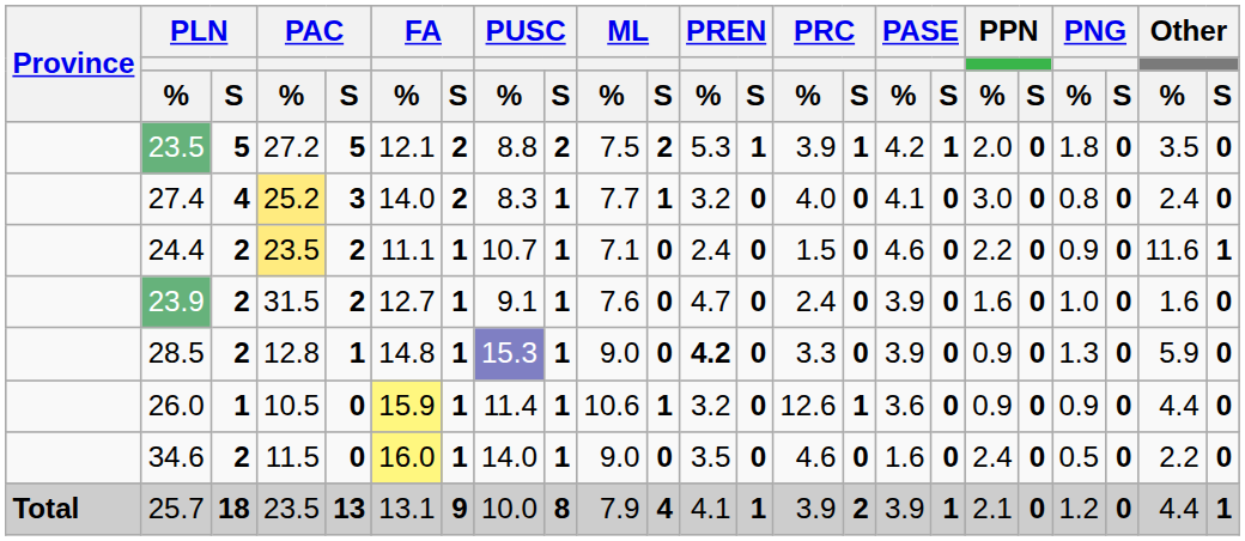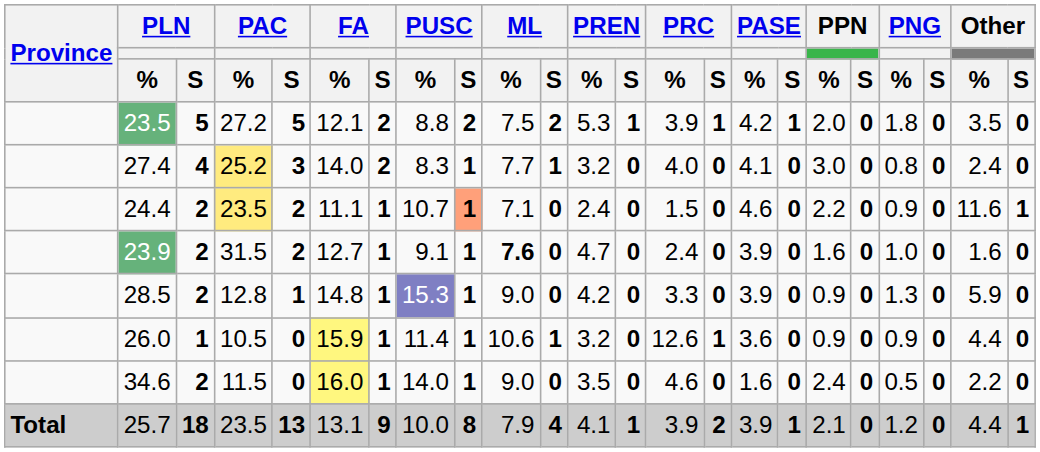 <table class="wikitable sortable" style="text-align:right; font-size:95%; line-height:20px;">
 <tr>
 <th rowspan="3"><a href='#'>Province</a></th>
 <th colspan="2" width="30px"><a href='#'>PLN</a></th>
 <th colspan="2" width="30px"><a href='#'>PAC</a></th>
 <th colspan="2" width="30px"><a href='#'>FA</a></th>
 <th colspan="2" width="30px"><a href='#'>PUSC</a></th>
 <th colspan="2" width="30px"><a href='#'>ML</a></th>
 <th colspan="2" width="30px"><a href='#'>PREN</a></th>
 <th colspan="2" width="30px"><a href='#'>PRC</a></th>
 <th colspan="2" width="30px"><a href='#'>PASE</a></th>
 <th colspan="2" width="30px">PPN</th>
 <th colspan="2" width="30px"><a href='#'>PNG</a></th>
 <th colspan="2" width="30px">Other</th>
 </tr>
 <tr>
 <th colspan="2" style="background:"></th>
 <th colspan="2" style="background:"></th>
 <th colspan="2" style="background:"></th>
 <th colspan="2" style="background:"></th>
 <th colspan="2" style="background:"></th>
 <th colspan="2" style="background:"></th>
 <th colspan="2" style="background:"></th>
 <th colspan="2" style="background:"></th>
 <th colspan="2" style="background:#39b54a"></th>
 <th colspan="2" style="background:"></th>
 <th colspan="2" style="background:#7a7a7a"></th>
 </tr>
 <tr>
 <th data-sort-type="number">%</th>
 <th data-sort-type="number">S</th>
 <th data-sort-type="number">%</th>
 <th data-sort-type="number">S</th>
 <th data-sort-type="number">%</th>
 <th data-sort-type="number">S</th>
 <th data-sort-type="number">%</th>
 <th data-sort-type="number">S</th>
 <th data-sort-type="number">%</th>
 <th data-sort-type="number">S</th>
 <th data-sort-type="number">%</th>
 <th data-sort-type="number">S</th>
 <th data-sort-type="number">%</th>
 <th data-sort-type="number">S</th>
 <th data-sort-type="number">%</th>
 <th data-sort-type="number">S</th>
 <th data-sort-type="number">%</th>
 <th data-sort-type="number">S</th>
 <th data-sort-type="number">%</th>
 <th data-sort-type="number">S</th>
 <th data-sort-type="number">%</th>
 <th data-sort-type="number">S</th>
 </tr>
 <tr>
 <td align="left"></td>
 <td style="background:#66B27B; color:white;">23.5</td>
 <td><strong>5</strong></td>
 <td style="background:">27.2</td>
 <td><strong>5</strong></td>
 <td>12.1</td>
 <td><strong>2</strong></td>
 <td>8.8</td>
 <td><strong>2</strong></td>
 <td>7.5</td>
 <td><strong>2</strong></td>
 <td>5.3</td>
 <td><strong>1</strong></td>
 <td>3.9</td>
 <td><strong>1</strong></td>
 <td>4.2</td>
 <td><strong>1</strong></td>
 <td>2.0</td>
 <td><strong>0</strong></td>
 <td>1.8</td>
 <td><strong>0</strong></td>
 <td>3.5</td>
 <td><strong>0</strong></td>
 </tr>
 <tr>
 <td align="left"></td>
 <td style="background:">27.4</td>
 <td><strong>4</strong></td>
 <td style="background:#FFEB7F; color:black;">25.2</td>
 <td><strong>3</strong></td>
 <td>14.0</td>
 <td><strong>2</strong></td>
 <td>8.3</td>
 <td><strong>1</strong></td>
 <td>7.7</td>
 <td><strong>1</strong></td>
 <td>3.2</td>
 <td><strong>0</strong></td>
 <td>4.0</td>
 <td><strong>0</strong></td>
 <td>4.1</td>
 <td><strong>0</strong></td>
 <td>3.0</td>
 <td><strong>0</strong></td>
 <td>0.8</td>
 <td><strong>0</strong></td>
 <td>2.4</td>
 <td><strong>0</strong></td>
 </tr>
 <tr>
 <td align="left"></td>
 <td style="background:">24.4</td>
 <td><strong>2</strong></td>
 <td style="background:#FFEB7F; color:black;">23.5</td>
 <td><strong>2</strong></td>
 <td>11.1</td>
 <td><strong>1</strong></td>
 <td>10.7</td>
-<td><strong>1</strong></td>
+<td style="background: lightsalmon;"><strong>1</strong></td>
 <td>7.1</td>
 <td><strong>0</strong></td>
 <td>2.4</td>
 <td><strong>0</strong></td>
 <td>1.5</td>
 <td><strong>0</strong></td>
 <td>4.6</td>
 <td><strong>0</strong></td>
 <td>2.2</td>
 <td><strong>0</strong></td>
 <td>0.9</td>
 <td><strong>0</strong></td>
 <td>11.6</td>
 <td><strong>1</strong></td>
 </tr>
 <tr>
 <td align="left"></td>
 <td style="background:#66B27B; color:white;">23.9</td>
 <td><strong>2</strong></td>
 <td style="background:">31.5</td>
 <td><strong>2</strong></td>
 <td>12.7</td>
 <td><strong>1</strong></td>
 <td>9.1</td>
 <td><strong>1</strong></td>
-<td>7.6</td>
+<td><strong>7.6</strong></td>
 <td><strong>0</strong></td>
 <td>4.7</td>
 <td><strong>0</strong></td>
 <td>2.4</td>
 <td><strong>0</strong></td>
 <td>3.9</td>
 <td><strong>0</strong></td>
 <td>1.6</td>
 <td><strong>0</strong></td>
 <td>1.0</td>
 <td><strong>0</strong></td>
 <td>1.6</td>
 <td><strong>0</strong></td>
 </tr>
 <tr>
 <td align="left"></td>
 <td style="background:">28.5</td>
 <td><strong>2</strong></td>
 <td>12.8</td>
 <td><strong>1</strong></td>
 <td>14.8</td>
 <td><strong>1</strong></td>
 <td style="background:#7F7FC3; color:white;">15.3</td>
 <td><strong>1</strong></td>
 <td>9.0</td>
 <td><strong>0</strong></td>
-<td><strong>4.2</strong></td>
+<td>4.2</td>
 <td><strong>0</strong></td>
 <td>3.3</td>
 <td><strong>0</strong></td>
 <td>3.9</td>
 <td><strong>0</strong></td>
 <td>0.9</td>
 <td><strong>0</strong></td>
 <td>1.3</td>
 <td><strong>0</strong></td>
 <td>5.9</td>
 <td><strong>0</strong></td>
 </tr>
 <tr>
 <td align="left"></td>
 <td style="background:">26.0</td>
 <td><strong>1</strong></td>
 <td>10.5</td>
 <td><strong>0</strong></td>
 <td style="background:#FFF77F; color:black;">15.9</td>
 <td><strong>1</strong></td>
 <td>11.4</td>
 <td><strong>1</strong></td>
 <td>10.6</td>
 <td><strong>1</strong></td>
 <td>3.2</td>
 <td><strong>0</strong></td>
 <td>12.6</td>
 <td><strong>1</strong></td>
 <td>3.6</td>
 <td><strong>0</strong></td>
 <td>0.9</td>
 <td><strong>0</strong></td>
 <td>0.9</td>
 <td><strong>0</strong></td>
 <td>4.4</td>
 <td><strong>0</strong></td>
 </tr>
 <tr>
 <td align="left"></td>
 <td style="background:">34.6</td>
 <td><strong>2</strong></td>
 <td>11.5</td>
 <td><strong>0</strong></td>
 <td style="background:#FFF77F; color:black;">16.0</td>
 <td><strong>1</strong></td>
 <td>14.0</td>
 <td><strong>1</strong></td>
 <td>9.0</td>
 <td><strong>0</strong></td>
 <td>3.5</td>
 <td><strong>0</strong></td>
 <td>4.6</td>
 <td><strong>0</strong></td>
 <td>1.6</td>
 <td><strong>0</strong></td>
 <td>2.4</td>
 <td><strong>0</strong></td>
 <td>0.5</td>
 <td><strong>0</strong></td>
 <td>2.2</td>
 <td><strong>0</strong></td>
 </tr>
 <tr style="background:#CDCDCD;">
 <td align="left"><strong>Total</strong></td>
 <td style="background:">25.7</td>
 <td><strong>18</strong></td>
 <td>23.5</td>
 <td><strong>13</strong></td>
 <td>13.1</td>
 <td><strong>9</strong></td>
 <td>10.0</td>
 <td><strong>8</strong></td>
 <td>7.9</td>
 <td><strong>4</strong></td>
 <td>4.1</td>
 <td><strong>1</strong></td>
 <td>3.9</td>
 <td><strong>2</strong></td>
 <td>3.9</td>
 <td><strong>1</strong></td>
 <td>2.1</td>
 <td><strong>0</strong></td>
 <td>1.2</td>
 <td><strong>0</strong></td>
 <td>4.4</td>
 <td><strong>1</strong></td>
 </tr>
 </table>
